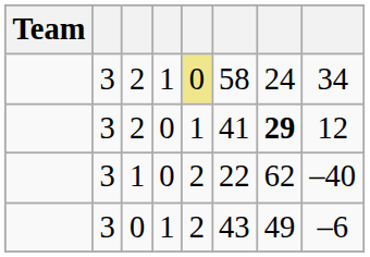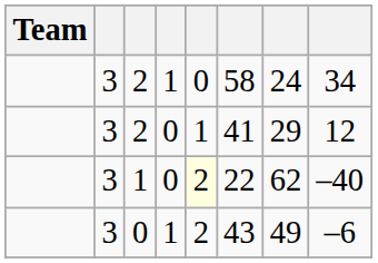 <table class="wikitable" style="text-align: center;">
 <tr>
 <th>Team</th>
 <th></th>
 <th></th>
 <th></th>
 <th></th>
 <th></th>
 <th></th>
 <th></th>
 </tr>
 <tr>
 <td align="left"></td>
 <td>3</td>
 <td>2</td>
 <td>1</td>
-<td style="background: khaki;">0</td>
+<td>0</td>
 <td>58</td>
 <td>24</td>
 <td>34</td>
 </tr>
 <tr>
 <td align="left"></td>
 <td>3</td>
 <td>2</td>
 <td>0</td>
 <td>1</td>
 <td>41</td>
-<td><strong>29</strong></td>
+<td>29</td>
 <td>12</td>
 </tr>
 <tr>
 <td align="left"></td>
 <td>3</td>
 <td>1</td>
 <td>0</td>
-<td>2</td>
+<td style="background: lightyellow;">2</td>
 <td>22</td>
 <td>62</td>
 <td>–40</td>
 </tr>
 <tr>
 <td align="left"></td>
 <td>3</td>
 <td>0</td>
 <td>1</td>
 <td>2</td>
 <td>43</td>
 <td>49</td>
 <td>–6</td>
 </tr>
 </table>
